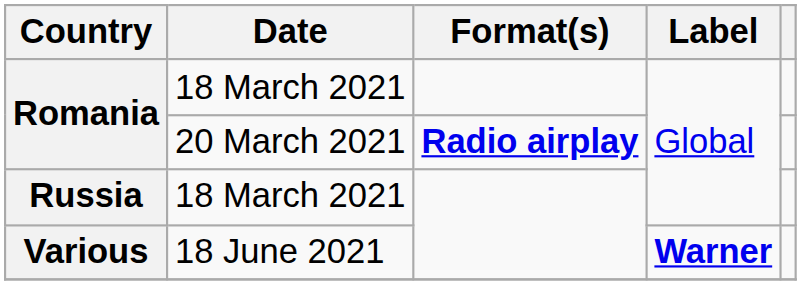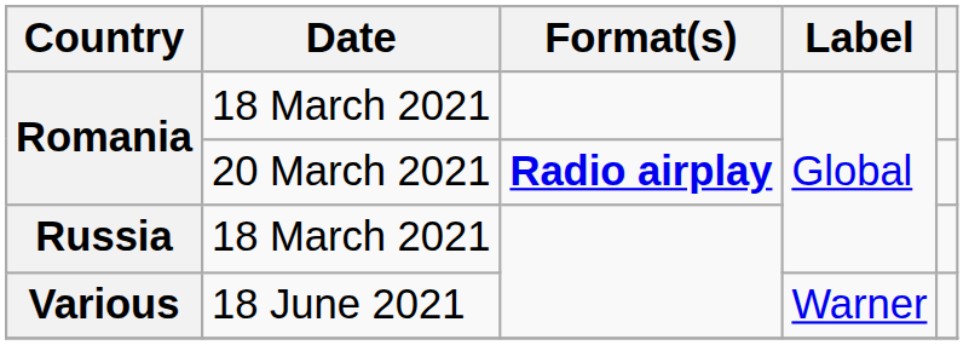 <table class="wikitable plainrowheaders">
 <tr>
 <th scope="col">Country</th>
 <th scope="col">Date</th>
 <th scope="col">Format(s)</th>
 <th scope="col">Label</th>
 <th scope="col"></th>
 </tr>
 <tr>
 <th scope="row" rowspan="2">Romania</th>
 <td rowspan="1">18 March 2021</td>
 <td rowspan="1"></td>
 <td rowspan="3"><a href='#'>Global</a></td>
 <td></td>
 </tr>
 <tr>
 <td>20 March 2021</td>
 <td><strong><a href='#'>Radio airplay</a></strong></td>
 <td></td>
 </tr>
 <tr>
 <th scope="row">Russia</th>
 <td rowspan="1">18 March 2021</td>
 <td rowspan="2"></td>
 <td></td>
 </tr>
 <tr>
 <th scope="row">Various</th>
 <td>18 June 2021</td>
-<td><strong><a href='#'>Warner</a></strong></td>
+<td><a href='#'>Warner</a></td>
 <td></td>
 </tr>
 <tr>
 </tr>
 </table>
